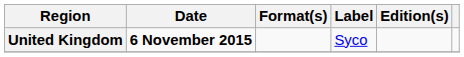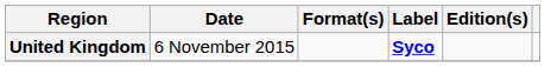 <table class="wikitable plainrowheaders">
 <tr>
 <th scope="col">Region</th>
 <th scope="col">Date</th>
 <th scope="col">Format(s)</th>
 <th scope="col">Label</th>
 <th scope="col">Edition(s)</th>
 <th scope="col"></th>
 </tr>
 <tr>
 <th scope="row">United Kingdom</th>
-<td><strong>6 November 2015</strong></td>
+<td>6 November 2015</td>
 <td></td>
-<td><a href='#'>Syco</a></td>
+<td><strong><a href='#'>Syco</a></strong></td>
 <td></td>
 <td></td>
 </tr>
 <tr>
 </tr>
 </table>
